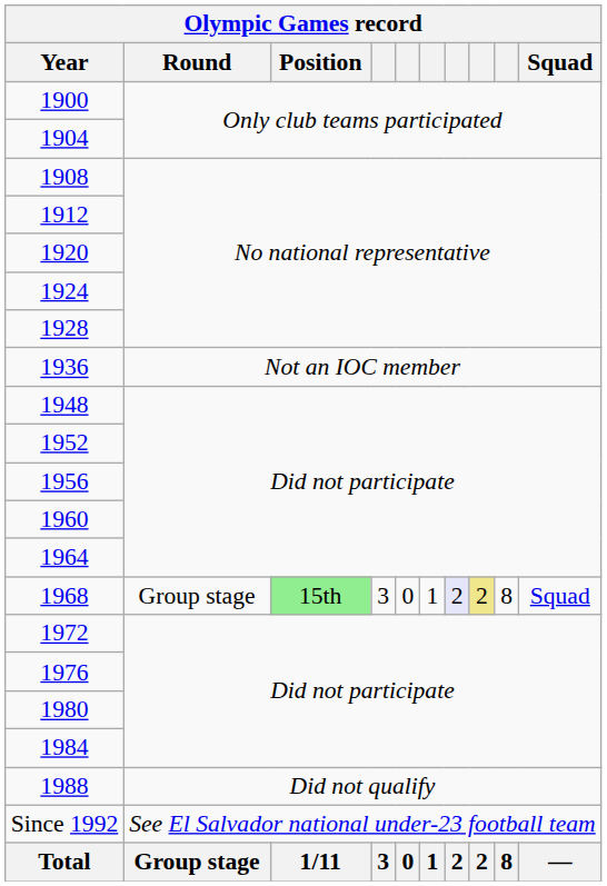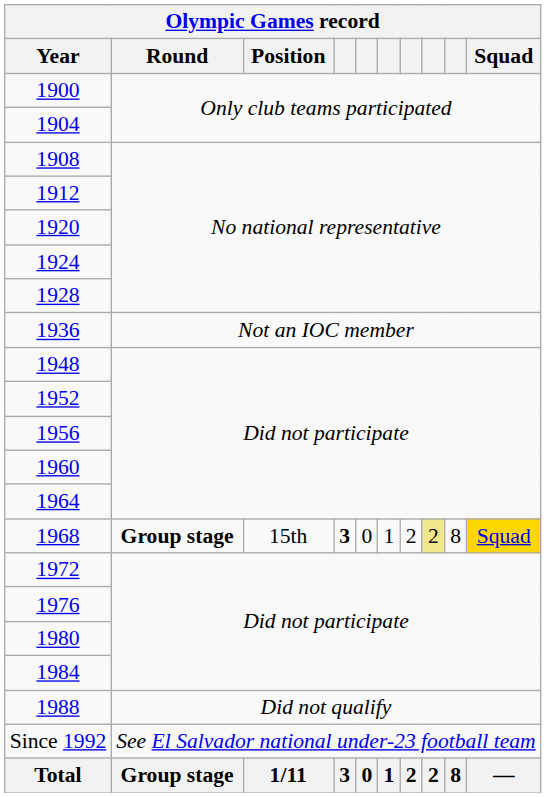 <table class="wikitable" style="text-align: center;">
 <tr>
 <th colspan=10><a href='#'>Olympic Games</a> record</th>
 </tr>
 <tr>
 <th>Year</th>
 <th>Round</th>
 <th>Position</th>
 <th></th>
 <th></th>
 <th></th>
 <th></th>
 <th></th>
 <th></th>
 <th>Squad</th>
 </tr>
 <tr>
 <td> <a href='#'>1900</a></td>
 <td colspan=9 rowspan=2><em>Only club teams participated</em></td>
 </tr>
 <tr>
 <td> <a href='#'>1904</a></td>
 </tr>
 <tr>
 <td> <a href='#'>1908</a></td>
 <td colspan=9 rowspan=5><em>No national representative</em></td>
 </tr>
 <tr>
 <td> <a href='#'>1912</a></td>
 </tr>
 <tr>
 <td> <a href='#'>1920</a></td>
 </tr>
 <tr>
 <td> <a href='#'>1924</a></td>
 </tr>
 <tr>
 <td> <a href='#'>1928</a></td>
 </tr>
 <tr>
 <td> <a href='#'>1936</a></td>
 <td colspan=9><em>Not an IOC member</em></td>
 </tr>
 <tr>
 <td> <a href='#'>1948</a></td>
 <td colspan=9 rowspan=5><em>Did not participate</em></td>
 </tr>
 <tr>
 <td> <a href='#'>1952</a></td>
 </tr>
 <tr>
 <td> <a href='#'>1956</a></td>
 </tr>
 <tr>
 <td> <a href='#'>1960</a></td>
 </tr>
 <tr>
 <td> <a href='#'>1964</a></td>
 </tr>
 <tr>
 <td> <a href='#'>1968</a></td>
-<td>Group stage</td>
-<td style="background: lightgreen;">15th</td>
-<td>3</td>
+<td><strong>Group stage</strong></td>
+<td>15th</td>
+<td><strong>3</strong></td>
 <td>0</td>
 <td>1</td>
-<td style="background: lavender;">2</td>
+<td>2</td>
 <td style="background: khaki;">2</td>
 <td>8</td>
-<td><a href='#'>Squad</a></td>
+<td style="background: gold;"><a href='#'>Squad</a></td>
 </tr>
 <tr>
 <td> <a href='#'>1972</a></td>
 <td colspan=9 rowspan=4><em>Did not participate</em></td>
 </tr>
 <tr>
 <td> <a href='#'>1976</a></td>
 </tr>
 <tr>
 <td> <a href='#'>1980</a></td>
 </tr>
 <tr>
 <td> <a href='#'>1984</a></td>
 </tr>
 <tr>
 <td> <a href='#'>1988</a></td>
 <td colspan=9><em>Did not qualify</em></td>
 </tr>
 <tr>
 <td>Since <a href='#'>1992</a></td>
 <td colspan=9><em>See <a href='#'>El Salvador national under-23 football team</a></em></td>
 </tr>
 <tr>
 <th>Total</th>
 <th>Group stage</th>
 <th>1/11</th>
 <th>3</th>
 <th>0</th>
 <th>1</th>
 <th>2</th>
 <th>2</th>
 <th>8</th>
 <th>—</th>
 </tr>
 </table>
